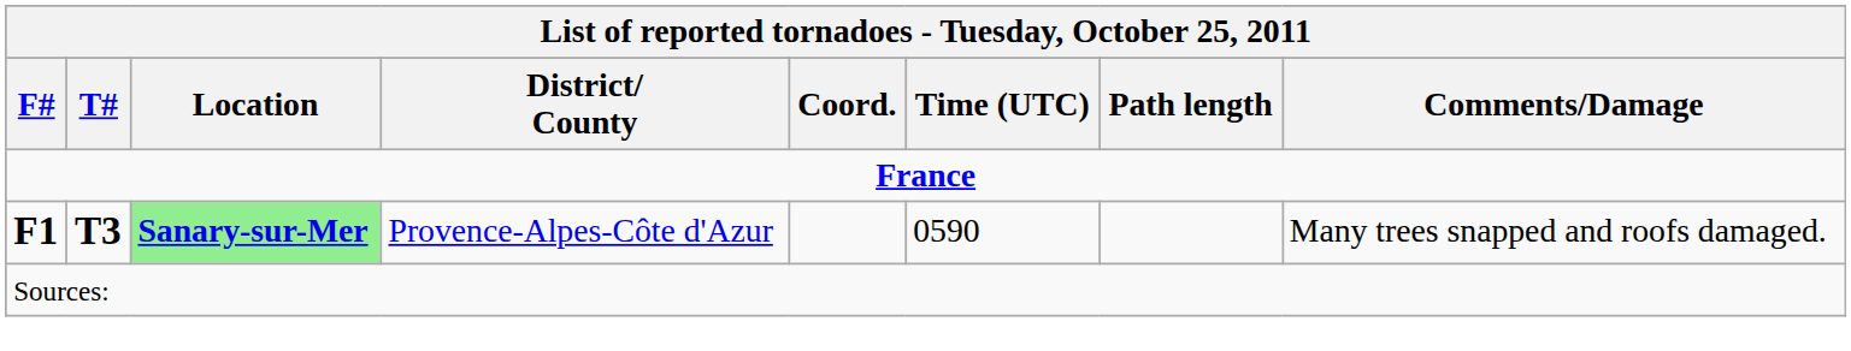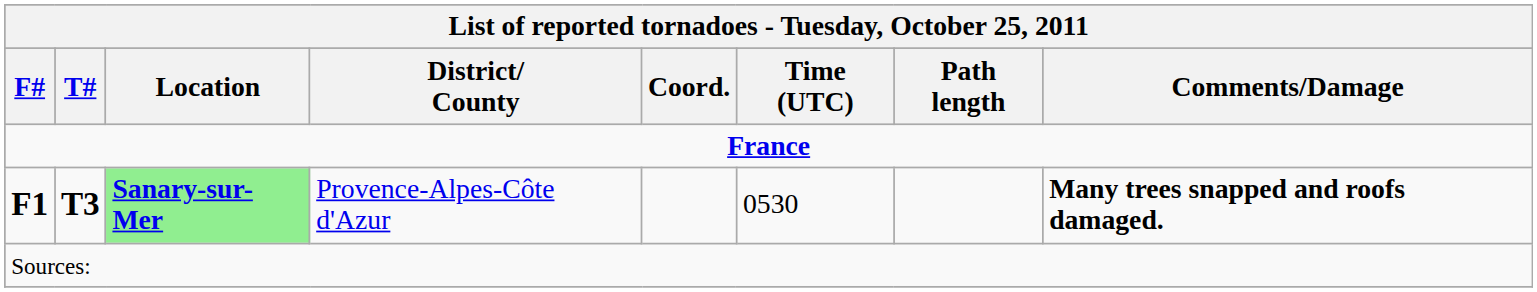 <table class="wikitable collapsible" width="100%">
 <tr>
 <th colspan="8">List of reported tornadoes - Tuesday, October 25, 2011</th>
 </tr>
 <tr>
 <th><a href='#'>F#</a></th>
 <th><a href='#'>T#</a></th>
 <th>Location</th>
 <th>District/<br>County</th>
 <th>Coord.</th>
 <th>Time (UTC)</th>
 <th>Path length</th>
 <th>Comments/Damage</th>
 </tr>
 <tr>
 <td colspan="8" align=center><strong><a href='#'>France</a></strong></td>
 </tr>
 <tr>
 <td><big><strong>F1</strong></big></td>
 <td><big><strong>T3</strong></big></td>
 <td style="background: lightgreen;"><strong><a href='#'>Sanary-sur-Mer</a></strong></td>
 <td><a href='#'>Provence-Alpes-Côte d'Azur</a></td>
 <td></td>
-<td>0590</td>
+<td>0530</td>
 <td></td>
-<td>Many trees snapped and roofs damaged.</td>
+<td><strong>Many trees snapped and roofs damaged.</strong></td>
 </tr>
 <tr>
 <td colspan="8"><small>Sources:  </small></td>
 </tr>
 </table>
